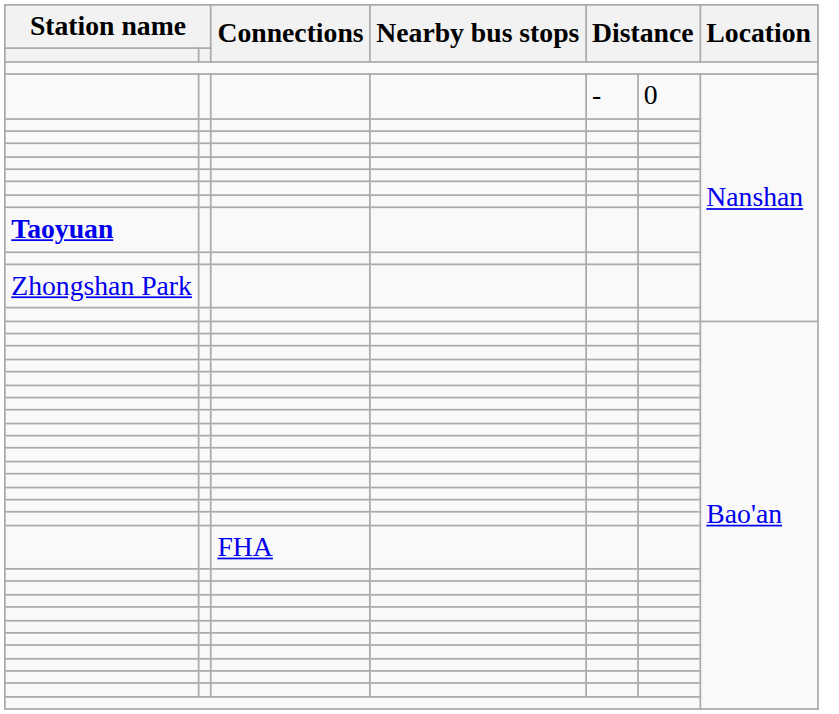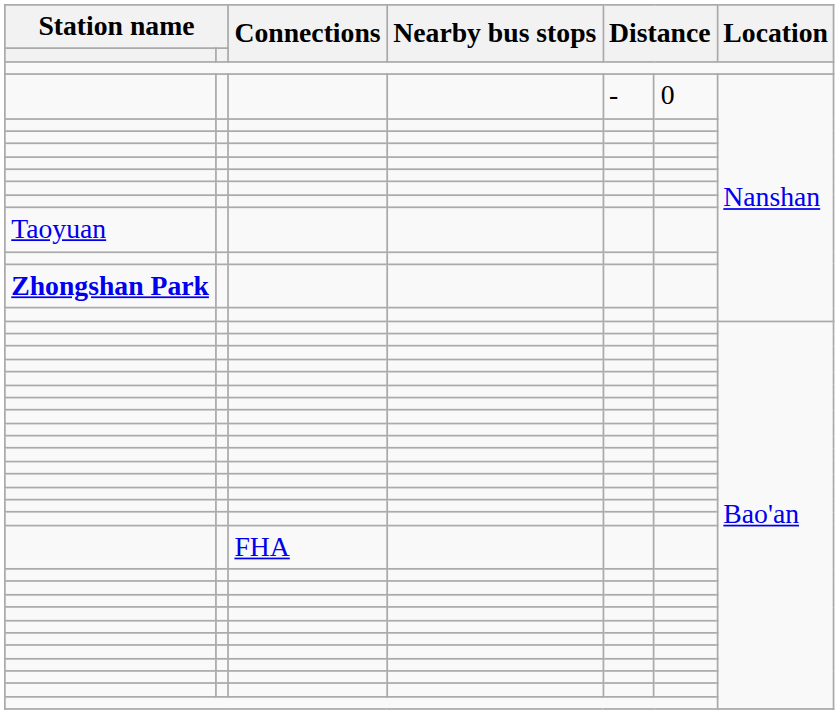 <table class="wikitable">
 <tr>
 <th colspan="2">Station name</th>
 <th rowspan="2">Connections</th>
 <th rowspan="2">Nearby bus stops</th>
 <th colspan="2" rowspan="2">Distance<br></th>
 <th rowspan="2">Location</th>
 </tr>
 <tr>
 <th></th>
 <th></th>
 </tr>
 <tr style="background:#">
 <td colspan="7"></td>
 </tr>
 <tr>
 <td></td>
 <td></td>
 <td></td>
 <td></td>
 <td>-</td>
 <td>0</td>
 <td rowspan="12"><a href='#'>Nanshan</a></td>
 </tr>
 <tr>
 <td></td>
 <td></td>
 <td></td>
 <td></td>
 <td></td>
 <td></td>
 </tr>
 <tr>
 <td></td>
 <td></td>
 <td> </td>
 <td></td>
 <td></td>
 <td></td>
 </tr>
 <tr>
 <td></td>
 <td></td>
 <td></td>
 <td></td>
 <td></td>
 <td></td>
 </tr>
 <tr>
 <td></td>
 <td></td>
 <td></td>
 <td></td>
 <td></td>
 <td></td>
 </tr>
 <tr>
 <td></td>
 <td></td>
 <td></td>
 <td></td>
 <td></td>
 <td></td>
 </tr>
 <tr>
 <td></td>
 <td></td>
 <td></td>
 <td></td>
 <td></td>
 <td></td>
 </tr>
 <tr>
 <td></td>
 <td></td>
 <td></td>
 <td></td>
 <td></td>
 <td></td>
 </tr>
 <tr>
-<td><strong><a href='#'>Taoyuan</a></strong></td>
+<td><a href='#'>Taoyuan</a></td>
 <td></td>
 <td></td>
 <td></td>
 <td></td>
 <td></td>
 </tr>
 <tr>
 <td></td>
 <td></td>
 <td></td>
 <td></td>
 <td></td>
 <td></td>
 </tr>
 <tr>
-<td><a href='#'>Zhongshan Park</a></td>
+<td><strong><a href='#'>Zhongshan Park</a></strong></td>
 <td></td>
 <td></td>
 <td></td>
 <td></td>
 <td></td>
 </tr>
 <tr>
 <td></td>
 <td></td>
 <td></td>
 <td></td>
 <td></td>
 <td></td>
 </tr>
 <tr>
 <td></td>
 <td></td>
 <td></td>
 <td></td>
 <td></td>
 <td></td>
 <td rowspan="28"><a href='#'>Bao'an</a></td>
 </tr>
 <tr>
 <td></td>
 <td></td>
 <td></td>
 <td></td>
 <td></td>
 <td></td>
 </tr>
 <tr>
 <td></td>
 <td></td>
 <td></td>
 <td></td>
 <td></td>
 <td></td>
 </tr>
 <tr>
 <td></td>
 <td></td>
 <td></td>
 <td></td>
 <td></td>
 <td></td>
 </tr>
 <tr>
 <td></td>
 <td></td>
 <td></td>
 <td></td>
 <td></td>
 <td></td>
 </tr>
 <tr>
 <td></td>
 <td></td>
 <td></td>
 <td></td>
 <td></td>
 <td></td>
 </tr>
 <tr>
 <td></td>
 <td></td>
 <td></td>
 <td></td>
 <td></td>
 <td></td>
 </tr>
 <tr>
 <td></td>
 <td></td>
 <td></td>
 <td></td>
 <td></td>
 <td></td>
 </tr>
 <tr>
 <td></td>
 <td></td>
 <td></td>
 <td></td>
 <td></td>
 <td></td>
 </tr>
 <tr>
 <td></td>
 <td></td>
 <td></td>
 <td></td>
 <td></td>
 <td></td>
 </tr>
 <tr>
 <td></td>
 <td></td>
 <td></td>
 <td></td>
 <td></td>
 <td></td>
 </tr>
 <tr>
 <td></td>
 <td></td>
 <td> </td>
 <td></td>
 <td></td>
 <td></td>
 </tr>
 <tr>
 <td></td>
 <td></td>
 <td></td>
 <td></td>
 <td></td>
 <td></td>
 </tr>
 <tr>
 <td></td>
 <td></td>
 <td></td>
 <td></td>
 <td></td>
 <td></td>
 </tr>
 <tr>
 <td></td>
 <td></td>
 <td></td>
 <td></td>
 <td></td>
 <td></td>
 </tr>
 <tr>
 <td></td>
 <td></td>
 <td></td>
 <td></td>
 <td></td>
 <td></td>
 </tr>
 <tr>
 <td></td>
 <td></td>
 <td> <a href='#'>FHA</a></td>
 <td></td>
 <td></td>
 <td></td>
 </tr>
 <tr>
 <td></td>
 <td></td>
 <td></td>
 <td></td>
 <td></td>
 <td></td>
 </tr>
 <tr>
 <td></td>
 <td></td>
 <td></td>
 <td></td>
 <td></td>
 <td></td>
 </tr>
 <tr>
 <td></td>
 <td></td>
 <td></td>
 <td></td>
 <td></td>
 <td></td>
 </tr>
 <tr>
 <td></td>
 <td></td>
 <td></td>
 <td></td>
 <td></td>
 <td></td>
 </tr>
 <tr>
 <td></td>
 <td></td>
 <td></td>
 <td></td>
 <td></td>
 <td></td>
 </tr>
 <tr>
 <td></td>
 <td></td>
 <td></td>
 <td></td>
 <td></td>
 <td></td>
 </tr>
 <tr>
 <td></td>
 <td></td>
 <td></td>
 <td></td>
 <td></td>
 <td></td>
 </tr>
 <tr>
 <td></td>
 <td></td>
 <td></td>
 <td></td>
 <td></td>
 <td></td>
 </tr>
 <tr>
 <td></td>
 <td></td>
 <td></td>
 <td></td>
 <td></td>
 <td></td>
 </tr>
 <tr>
 <td></td>
 <td></td>
 <td> </td>
 <td></td>
 <td></td>
 <td></td>
 </tr>
 <tr style="background:#">
 <td colspan="7"></td>
 </tr>
 </table>
